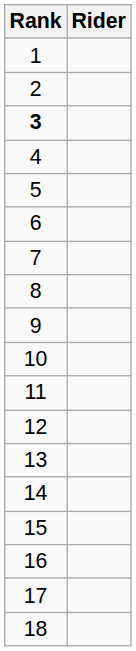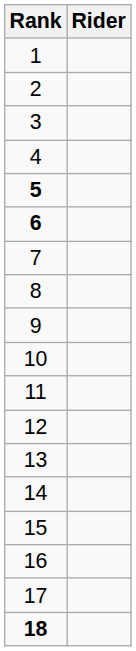 <table class="wikitable sortable" style="text-align:center">
 <tr>
 <th>Rank</th>
 <th>Rider</th>
 </tr>
 <tr>
 <td>1</td>
 <td align=left></td>
 </tr>
 <tr>
 <td>2</td>
 <td align=left></td>
 </tr>
 <tr>
-<td><strong>3</strong></td>
+<td>3</td>
 <td align=left></td>
 </tr>
 <tr>
 <td>4</td>
 <td align=left></td>
 </tr>
 <tr>
-<td>5</td>
+<td><strong>5</strong></td>
 <td align=left></td>
 </tr>
 <tr>
-<td>6</td>
+<td><strong>6</strong></td>
 <td align=left></td>
 </tr>
 <tr>
 <td>7</td>
 <td align=left></td>
 </tr>
 <tr>
 <td>8</td>
 <td align=left></td>
 </tr>
 <tr>
 <td>9</td>
 <td align=left></td>
 </tr>
 <tr>
 <td>10</td>
 <td align=left></td>
 </tr>
 <tr>
 <td>11</td>
 <td align=left></td>
 </tr>
 <tr>
 <td>12</td>
 <td align=left></td>
 </tr>
 <tr>
 <td>13</td>
 <td align=left></td>
 </tr>
 <tr>
 <td>14</td>
 <td align=left></td>
 </tr>
 <tr>
 <td>15</td>
 <td align=left></td>
 </tr>
 <tr>
 <td>16</td>
 <td align=left></td>
 </tr>
 <tr>
 <td>17</td>
 <td align=left></td>
 </tr>
 <tr>
-<td>18</td>
+<td><strong>18</strong></td>
 <td align=left></td>
 </tr>
 </table>
